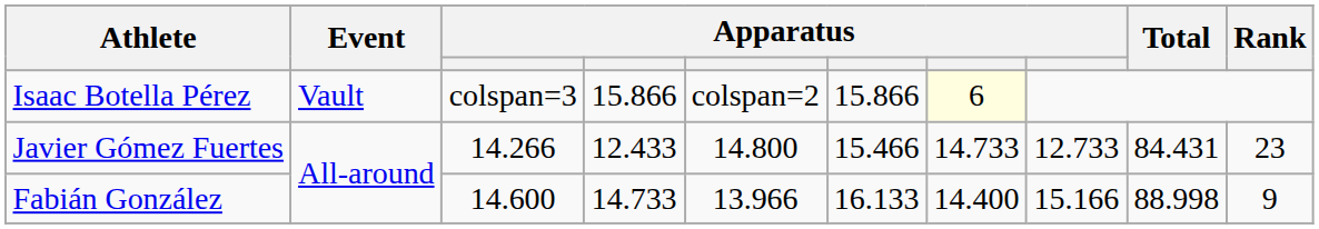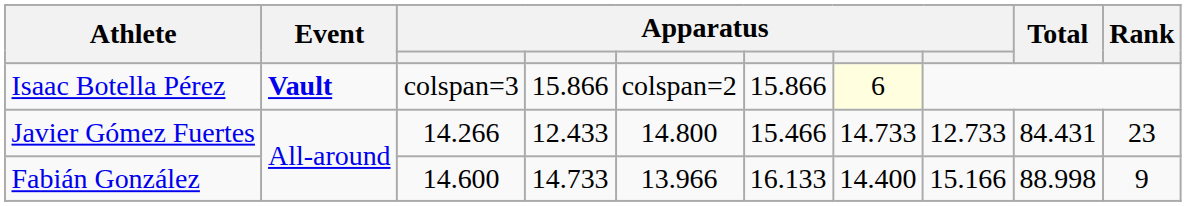 <table class="wikitable" style="font-size:90%">
 <tr>
 <th rowspan=2>Athlete</th>
 <th rowspan=2>Event</th>
 <th colspan =6>Apparatus</th>
 <th rowspan=2>Total</th>
 <th rowspan=2>Rank</th>
 </tr>
 <tr style="font-size:95%">
 <th></th>
 <th></th>
 <th></th>
 <th></th>
 <th></th>
 <th></th>
 </tr>
 <tr align=center>
 <td align=left><a href='#'>Isaac Botella Pérez</a></td>
-<td align=left><a href='#'>Vault</a></td>
+<td align=left><strong><a href='#'>Vault</a></strong></td>
 <td>colspan=3 </td>
 <td>15.866</td>
 <td>colspan=2 </td>
 <td>15.866</td>
 <td style="background: lightyellow;">6</td>
 </tr>
 <tr align=center>
 <td align=left><a href='#'>Javier Gómez Fuertes</a></td>
 <td align=left rowspan=2><a href='#'>All-around</a></td>
 <td>14.266</td>
 <td>12.433</td>
 <td>14.800</td>
 <td>15.466</td>
 <td>14.733</td>
 <td>12.733</td>
 <td>84.431</td>
 <td>23</td>
 </tr>
 <tr align=center>
 <td align=left><a href='#'>Fabián González</a></td>
 <td>14.600</td>
 <td>14.733</td>
 <td>13.966</td>
 <td>16.133</td>
 <td>14.400</td>
 <td>15.166</td>
 <td>88.998</td>
 <td>9</td>
 </tr>
 </table>
